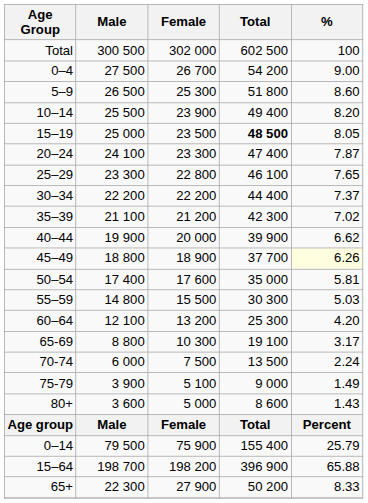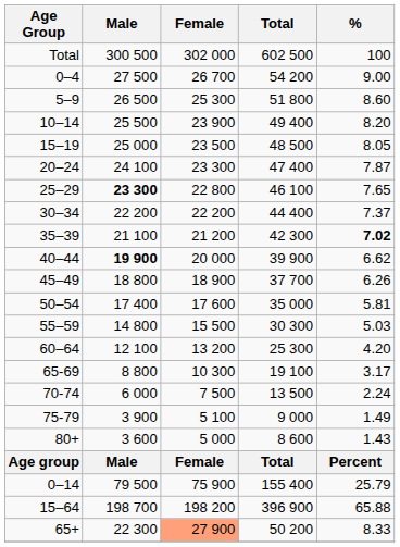 <table class="wikitable">
 <tr>
 <th width="80pt">Age Group</th>
 <th width="80pt">Male</th>
 <th width="80pt">Female</th>
 <th width="80pt">Total</th>
 <th width="80pt">%</th>
 </tr>
 <tr>
 <td align="right">Total</td>
 <td align="right">300 500</td>
 <td align="right">302 000</td>
 <td align="right">602 500</td>
 <td align="right">100</td>
 </tr>
 <tr>
 <td align="right">0–4</td>
 <td align="right">27 500</td>
 <td align="right">26 700</td>
 <td align="right">54 200</td>
 <td align="right">9.00</td>
 </tr>
 <tr>
 <td align="right">5–9</td>
 <td align="right">26 500</td>
 <td align="right">25 300</td>
 <td align="right">51 800</td>
 <td align="right">8.60</td>
 </tr>
 <tr>
 <td align="right">10–14</td>
 <td align="right">25 500</td>
 <td align="right">23 900</td>
 <td align="right">49 400</td>
 <td align="right">8.20</td>
 </tr>
 <tr>
 <td align="right">15–19</td>
 <td align="right">25 000</td>
 <td align="right">23 500</td>
-<td align="right"><strong>48 500</strong></td>
+<td align="right">48 500</td>
 <td align="right">8.05</td>
 </tr>
 <tr>
 <td align="right">20–24</td>
 <td align="right">24 100</td>
 <td align="right">23 300</td>
 <td align="right">47 400</td>
 <td align="right">7.87</td>
 </tr>
 <tr>
 <td align="right">25–29</td>
-<td align="right">23 300</td>
+<td align="right"><strong>23 300</strong></td>
 <td align="right">22 800</td>
 <td align="right">46 100</td>
 <td align="right">7.65</td>
 </tr>
 <tr>
 <td align="right">30–34</td>
 <td align="right">22 200</td>
 <td align="right">22 200</td>
 <td align="right">44 400</td>
 <td align="right">7.37</td>
 </tr>
 <tr>
 <td align="right">35–39</td>
 <td align="right">21 100</td>
 <td align="right">21 200</td>
 <td align="right">42 300</td>
-<td align="right">7.02</td>
+<td align="right"><strong>7.02</strong></td>
 </tr>
 <tr>
 <td align="right">40–44</td>
-<td align="right">19 900</td>
+<td align="right"><strong>19 900</strong></td>
 <td align="right">20 000</td>
 <td align="right">39 900</td>
 <td align="right">6.62</td>
 </tr>
 <tr>
 <td align="right">45–49</td>
 <td align="right">18 800</td>
 <td align="right">18 900</td>
 <td align="right">37 700</td>
-<td align="right" style="background: lightyellow;">6.26</td>
+<td align="right">6.26</td>
 </tr>
 <tr>
 <td align="right">50–54</td>
 <td align="right">17 400</td>
 <td align="right">17 600</td>
 <td align="right">35 000</td>
 <td align="right">5.81</td>
 </tr>
 <tr>
 <td align="right">55–59</td>
 <td align="right">14 800</td>
 <td align="right">15 500</td>
 <td align="right">30 300</td>
 <td align="right">5.03</td>
 </tr>
 <tr>
 <td align="right">60–64</td>
 <td align="right">12 100</td>
 <td align="right">13 200</td>
 <td align="right">25 300</td>
 <td align="right">4.20</td>
 </tr>
 <tr>
 <td align="right">65-69</td>
 <td align="right">8 800</td>
 <td align="right">10 300</td>
 <td align="right">19 100</td>
 <td align="right">3.17</td>
 </tr>
 <tr>
 <td align="right">70-74</td>
 <td align="right">6 000</td>
 <td align="right">7 500</td>
 <td align="right">13 500</td>
 <td align="right">2.24</td>
 </tr>
 <tr>
 <td align="right">75-79</td>
 <td align="right">3 900</td>
 <td align="right">5 100</td>
 <td align="right">9 000</td>
 <td align="right">1.49</td>
 </tr>
 <tr>
 <td align="right">80+</td>
 <td align="right">3 600</td>
 <td align="right">5 000</td>
 <td align="right">8 600</td>
 <td align="right">1.43</td>
 </tr>
 <tr>
 <th width="50">Age group</th>
 <th width="80pt">Male</th>
 <th width="80">Female</th>
 <th width="80">Total</th>
 <th width="50">Percent</th>
 </tr>
 <tr>
 <td align="right">0–14</td>
 <td align="right">79 500</td>
 <td align="right">75 900</td>
 <td align="right">155 400</td>
 <td align="right">25.79</td>
 </tr>
 <tr>
 <td align="right">15–64</td>
 <td align="right">198 700</td>
 <td align="right">198 200</td>
 <td align="right">396 900</td>
 <td align="right">65.88</td>
 </tr>
 <tr>
 <td align="right">65+</td>
 <td align="right">22 300</td>
-<td align="right">27 900</td>
+<td align="right" style="background: lightsalmon;">27 900</td>
 <td align="right">50 200</td>
 <td align="right">8.33</td>
 </tr>
 <tr>
 </tr>
 </table>
